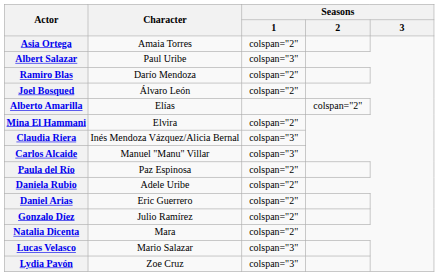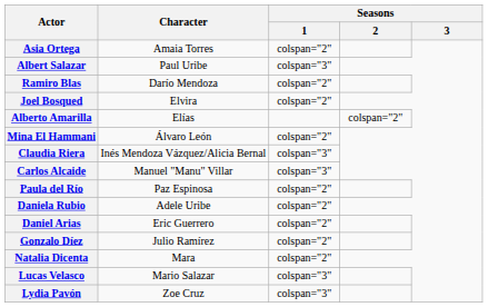 <table class="wikitable plainrowheaders" style="text-align:center;">
 <tr>
 <th rowspan="2">Actor</th>
 <th rowspan="2">Character</th>
 <th colspan="3" id="S">Seasons</th>
 </tr>
 <tr>
 <th scope="col" id="S1" style="min-width: 6em;">1</th>
 <th scope="col" id="S2" style="min-width: 6em;">2</th>
 <th scope="col" id="S3" style="min-width: 6em;">3</th>
 </tr>
 <tr>
 <th scope="row"><a href='#'>Asia Ortega</a></th>
 <td>Amaia Torres</td>
 <td>colspan="2" </td>
 <td></td>
 </tr>
 <tr>
 <th scope="row"><a href='#'>Albert Salazar</a></th>
 <td>Paul Uribe</td>
 <td>colspan="3" </td>
 </tr>
 <tr>
 <th scope="row"><a href='#'>Ramiro Blas</a></th>
 <td>Darío Mendoza</td>
 <td>colspan="2" </td>
 <td></td>
 </tr>
 <tr>
 <th scope="row"><a href='#'>Joel Bosqued</a></th>
-<td>Álvaro León</td>
+<td>Elvira</td>
 <td>colspan="2" </td>
 </tr>
 <tr>
 <th scope="row"><a href='#'>Alberto Amarilla</a></th>
 <td>Elías</td>
 <td></td>
 <td>colspan="2" </td>
 </tr>
 <tr>
 <th scope="row"><a href='#'>Mina El Hammani</a></th>
-<td>Elvira</td>
+<td>Álvaro León</td>
 <td>colspan="2" </td>
 </tr>
 <tr>
 <th scope="row"><a href='#'>Claudia Riera</a></th>
 <td>Inés Mendoza Vázquez/Alicia Bernal</td>
 <td>colspan="3" </td>
 </tr>
 <tr>
 <th scope="row"><a href='#'>Carlos Alcaide</a></th>
 <td>Manuel "Manu" Villar</td>
 <td>colspan="3" </td>
 </tr>
 <tr>
 <th scope="row"><a href='#'>Paula del Río</a></th>
 <td>Paz Espinosa</td>
 <td>colspan="2" </td>
 <td></td>
 </tr>
 <tr>
 <th scope="row"><a href='#'>Daniela Rubio</a></th>
 <td>Adele Uribe</td>
 <td>colspan="2" </td>
 </tr>
 <tr>
 <th scope="row"><a href='#'>Daniel Arias</a></th>
 <td>Eric Guerrero</td>
 <td>colspan="2" </td>
 <td></td>
 </tr>
 <tr>
 <th scope="row"><a href='#'>Gonzalo Díez</a></th>
 <td>Julio Ramírez</td>
 <td>colspan="2" </td>
 <td></td>
 </tr>
 <tr>
 <th scope="row"><a href='#'>Natalia Dicenta</a></th>
 <td>Mara</td>
 <td>colspan="2" </td>
 </tr>
 <tr>
 <th scope="row"><a href='#'>Lucas Velasco</a></th>
 <td>Mario Salazar</td>
 <td>colspan="3" </td>
 <td></td>
 </tr>
 <tr>
 <th scope="row"><a href='#'>Lydia Pavón</a></th>
 <td>Zoe Cruz</td>
 <td>colspan="3" </td>
 <td></td>
 </tr>
 </table>
